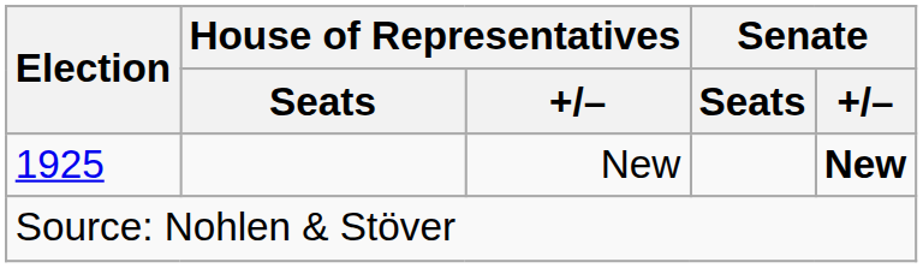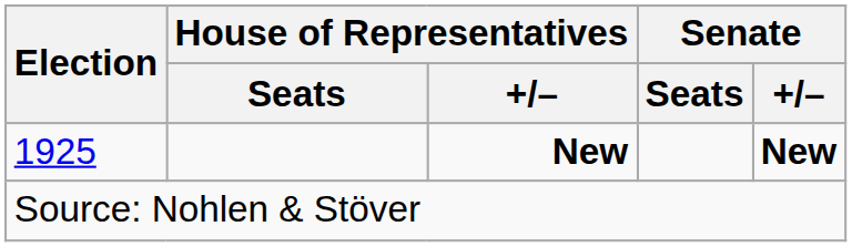 <table class=wikitable style=text-align:right>
 <tr>
 <th rowspan=2>Election</th>
 <th colspan="2">House of Representatives</th>
 <th colspan="2">Senate</th>
 </tr>
 <tr>
 <th>Seats</th>
 <th>+/–</th>
 <th>Seats</th>
 <th>+/–</th>
 </tr>
 <tr>
 <td align="left"><a href='#'>1925</a></td>
 <td></td>
-<td>New</td>
+<td><strong>New</strong></td>
 <td></td>
 <td><strong>New</strong></td>
 </tr>
 <tr>
 <td colspan="5" align="left">Source: Nohlen & Stöver</td>
 </tr>
 </table>
